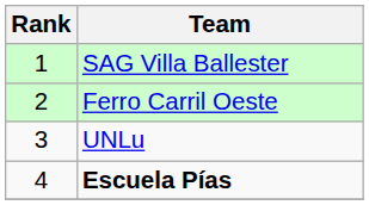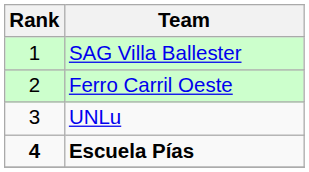 <table class=wikitable style="text-align:center;">
 <tr>
 <th>Rank</th>
 <th width=180>Team</th>
 </tr>
 <tr bgcolor=#CCFFCC>
 <td>1</td>
 <td align=left><a href='#'>SAG Villa Ballester</a></td>
 </tr>
 <tr bgcolor=#CCFFCC>
 <td>2</td>
 <td align=left><a href='#'>Ferro Carril Oeste</a></td>
 </tr>
 <tr>
 <td>3</td>
 <td align=left><a href='#'>UNLu</a></td>
 </tr>
 <tr>
-<td>4</td>
+<td><strong>4</strong></td>
 <td align=left><strong>Escuela Pías</strong></td>
 </tr>
 <tr>
 </tr>
 </table>
